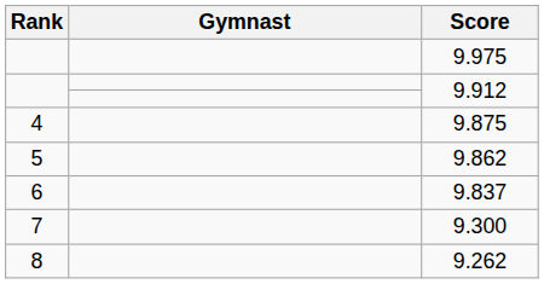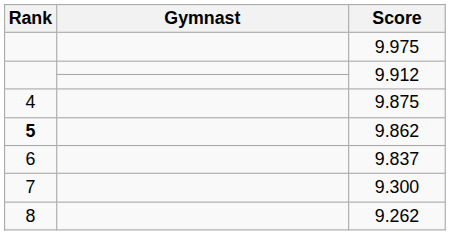 <table class="wikitable" style="text-align:center">
 <tr>
 <th>Rank</th>
 <th style="width:16em">Gymnast</th>
 <th style="width:5em">Score</th>
 </tr>
 <tr>
 <td></td>
 <td align=left></td>
 <td>9.975</td>
 </tr>
 <tr>
 <td rowspan=2></td>
 <td align=left></td>
 <td rowspan=2>9.912</td>
 </tr>
 <tr>
 <td align=left></td>
 </tr>
 <tr>
 <td>4</td>
 <td align=left></td>
 <td>9.875</td>
 </tr>
 <tr>
-<td>5</td>
+<td><strong>5</strong></td>
 <td align=left></td>
 <td>9.862</td>
 </tr>
 <tr>
 <td>6</td>
 <td align=left></td>
 <td>9.837</td>
 </tr>
 <tr>
 <td>7</td>
 <td align=left></td>
 <td>9.300</td>
 </tr>
 <tr>
 <td>8</td>
 <td align=left></td>
 <td>9.262</td>
 </tr>
 </table>
